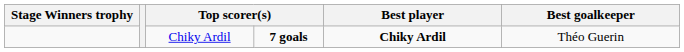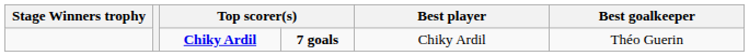 <table class="wikitable" style="text-align: center; font-size: 95%;">
 <tr>
 <th width=150>Stage Winners trophy</th>
 <th rowspan=2></th>
 <th width=200 colspan=2>Top scorer(s)</th>
 <th width=200>Best player</th>
 <th width=200>Best goalkeeper</th>
 </tr>
 <tr align=center style="background:">
 <td style="text-align:center;"></td>
-<td> <a href='#'>Chiky Ardil</a></td>
+<td><strong> <a href='#'>Chiky Ardil</a></strong></td>
 <td><strong>7 goals</strong></td>
-<td><strong> Chiky Ardil</strong></td>
+<td> Chiky Ardil</td>
 <td> Théo Guerin</td>
 </tr>
 </table>
